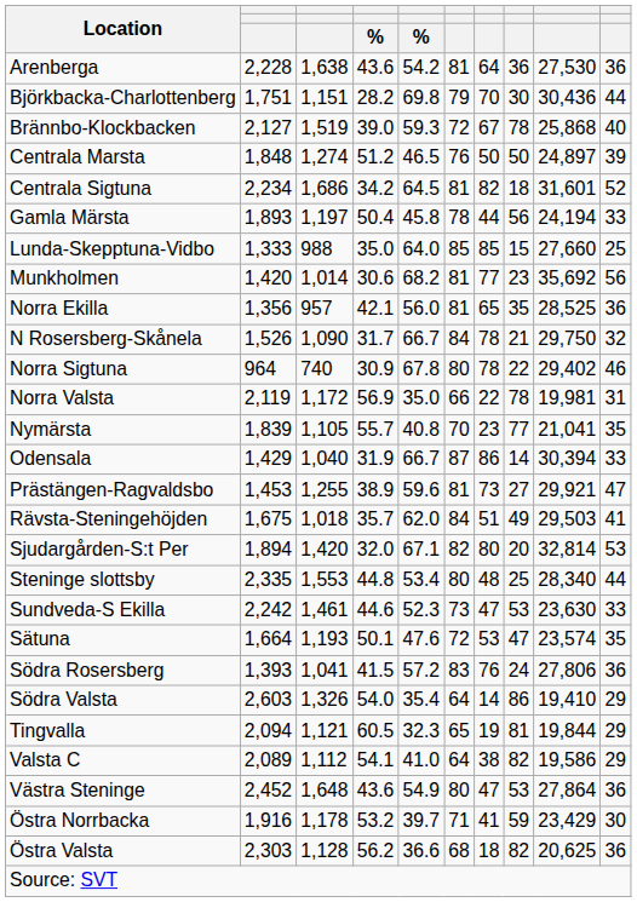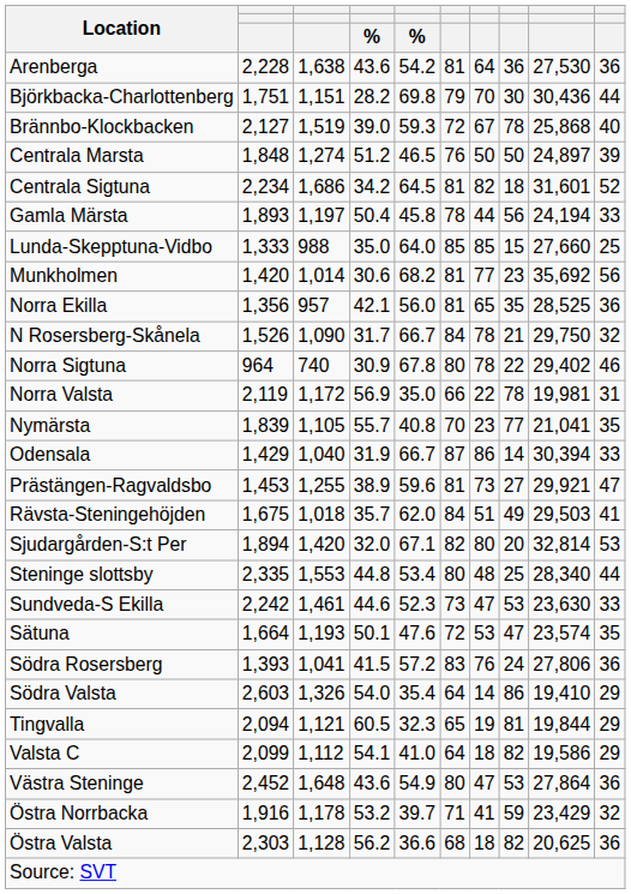 <table role="presentation" class="wikitable sortable mw-collapsible mw-collapsed">
 <tr>
 <th rowspan="3">Location</th>
 <th></th>
 <th></th>
 <th></th>
 <th></th>
 <th></th>
 <th></th>
 <th></th>
 <th></th>
 <th></th>
 </tr>
 <tr>
 <th></th>
 <th></th>
 <th style="background:"></th>
 <th style="background:"></th>
 <th></th>
 <th></th>
 <th></th>
 <th></th>
 <th></th>
 </tr>
 <tr>
 <th data-sort-type="number"></th>
 <th data-sort-type="number"></th>
 <th data-sort-type="number">%</th>
 <th data-sort-type="number">%</th>
 <th data-sort-type="number"></th>
 <th data-sort-type="number"></th>
 <th data-sort-type="number"></th>
 <th data-sort-type="number"></th>
 <th data-sort-type="number"></th>
 </tr>
 <tr>
 <td align="left">Arenberga</td>
 <td>2,228</td>
 <td>1,638</td>
 <td>43.6</td>
 <td>54.2</td>
 <td>81</td>
 <td>64</td>
 <td>36</td>
 <td>27,530</td>
 <td>36</td>
 </tr>
 <tr>
 <td align="left">Björkbacka-Charlottenberg</td>
 <td>1,751</td>
 <td>1,151</td>
 <td>28.2</td>
 <td>69.8</td>
 <td>79</td>
 <td>70</td>
 <td>30</td>
 <td>30,436</td>
 <td>44</td>
 </tr>
 <tr>
 <td align="left">Brännbo-Klockbacken</td>
 <td>2,127</td>
 <td>1,519</td>
 <td>39.0</td>
 <td>59.3</td>
 <td>72</td>
 <td>67</td>
 <td>78</td>
 <td>25,868</td>
 <td>40</td>
 </tr>
 <tr>
 <td align="left">Centrala Marsta</td>
 <td>1,848</td>
 <td>1,274</td>
 <td>51.2</td>
 <td>46.5</td>
 <td>76</td>
 <td>50</td>
 <td>50</td>
 <td>24,897</td>
 <td>39</td>
 </tr>
 <tr>
 <td align="left">Centrala Sigtuna</td>
 <td>2,234</td>
 <td>1,686</td>
 <td>34.2</td>
 <td>64.5</td>
 <td>81</td>
 <td>82</td>
 <td>18</td>
 <td>31,601</td>
 <td>52</td>
 </tr>
 <tr>
 <td align="left">Gamla Märsta</td>
 <td>1,893</td>
 <td>1,197</td>
 <td>50.4</td>
 <td>45.8</td>
 <td>78</td>
 <td>44</td>
 <td>56</td>
 <td>24,194</td>
 <td>33</td>
 </tr>
 <tr>
 <td align="left">Lunda-Skepptuna-Vidbo</td>
 <td>1,333</td>
 <td>988</td>
 <td>35.0</td>
 <td>64.0</td>
 <td>85</td>
 <td>85</td>
 <td>15</td>
 <td>27,660</td>
 <td>25</td>
 </tr>
 <tr>
 <td align="left">Munkholmen</td>
 <td>1,420</td>
 <td>1,014</td>
 <td>30.6</td>
 <td>68.2</td>
 <td>81</td>
 <td>77</td>
 <td>23</td>
 <td>35,692</td>
 <td>56</td>
 </tr>
 <tr>
 <td align="left">Norra Ekilla</td>
 <td>1,356</td>
 <td>957</td>
 <td>42.1</td>
 <td>56.0</td>
 <td>81</td>
 <td>65</td>
 <td>35</td>
 <td>28,525</td>
 <td>36</td>
 </tr>
 <tr>
 <td align="left">N Rosersberg-Skånela</td>
 <td>1,526</td>
 <td>1,090</td>
 <td>31.7</td>
 <td>66.7</td>
 <td>84</td>
 <td>78</td>
 <td>21</td>
 <td>29,750</td>
 <td>32</td>
 </tr>
 <tr>
 <td align="left">Norra Sigtuna</td>
 <td>964</td>
 <td>740</td>
 <td>30.9</td>
 <td>67.8</td>
 <td>80</td>
 <td>78</td>
 <td>22</td>
 <td>29,402</td>
 <td>46</td>
 </tr>
 <tr>
 <td align="left">Norra Valsta</td>
 <td>2,119</td>
 <td>1,172</td>
 <td>56.9</td>
 <td>35.0</td>
 <td>66</td>
 <td>22</td>
 <td>78</td>
 <td>19,981</td>
 <td>31</td>
 </tr>
 <tr>
 <td align="left">Nymärsta</td>
 <td>1,839</td>
 <td>1,105</td>
 <td>55.7</td>
 <td>40.8</td>
 <td>70</td>
 <td>23</td>
 <td>77</td>
 <td>21,041</td>
 <td>35</td>
 </tr>
 <tr>
 <td align="left">Odensala</td>
 <td>1,429</td>
 <td>1,040</td>
 <td>31.9</td>
 <td>66.7</td>
 <td>87</td>
 <td>86</td>
 <td>14</td>
 <td>30,394</td>
 <td>33</td>
 </tr>
 <tr>
 <td align="left">Prästängen-Ragvaldsbo</td>
 <td>1,453</td>
 <td>1,255</td>
 <td>38.9</td>
 <td>59.6</td>
 <td>81</td>
 <td>73</td>
 <td>27</td>
 <td>29,921</td>
 <td>47</td>
 </tr>
 <tr>
 <td align="left">Rävsta-Steningehöjden</td>
 <td>1,675</td>
 <td>1,018</td>
 <td>35.7</td>
 <td>62.0</td>
 <td>84</td>
 <td>51</td>
 <td>49</td>
 <td>29,503</td>
 <td>41</td>
 </tr>
 <tr>
 <td align="left">Sjudargården-S:t Per</td>
 <td>1,894</td>
 <td>1,420</td>
 <td>32.0</td>
 <td>67.1</td>
 <td>82</td>
 <td>80</td>
 <td>20</td>
 <td>32,814</td>
 <td>53</td>
 </tr>
 <tr>
 <td align="left">Steninge slottsby</td>
 <td>2,335</td>
 <td>1,553</td>
 <td>44.8</td>
 <td>53.4</td>
 <td>80</td>
 <td>48</td>
 <td>25</td>
 <td>28,340</td>
 <td>44</td>
 </tr>
 <tr>
 <td align="left">Sundveda-S Ekilla</td>
 <td>2,242</td>
 <td>1,461</td>
 <td>44.6</td>
 <td>52.3</td>
 <td>73</td>
 <td>47</td>
 <td>53</td>
 <td>23,630</td>
 <td>33</td>
 </tr>
 <tr>
 <td align="left">Sätuna</td>
 <td>1,664</td>
 <td>1,193</td>
 <td>50.1</td>
 <td>47.6</td>
 <td>72</td>
 <td>53</td>
 <td>47</td>
 <td>23,574</td>
 <td>35</td>
 </tr>
 <tr>
 <td align="left">Södra Rosersberg</td>
 <td>1,393</td>
 <td>1,041</td>
 <td>41.5</td>
 <td>57.2</td>
 <td>83</td>
 <td>76</td>
 <td>24</td>
 <td>27,806</td>
 <td>36</td>
 </tr>
 <tr>
 <td align="left">Södra Valsta</td>
 <td>2,603</td>
 <td>1,326</td>
 <td>54.0</td>
 <td>35.4</td>
 <td>64</td>
 <td>14</td>
 <td>86</td>
 <td>19,410</td>
 <td>29</td>
 </tr>
 <tr>
 <td align="left">Tingvalla</td>
 <td>2,094</td>
 <td>1,121</td>
 <td>60.5</td>
 <td>32.3</td>
 <td>65</td>
 <td>19</td>
 <td>81</td>
 <td>19,844</td>
 <td>29</td>
 </tr>
 <tr>
 <td align="left">Valsta C</td>
-<td>2,089</td>
+<td>2,099</td>
 <td>1,112</td>
 <td>54.1</td>
 <td>41.0</td>
 <td>64</td>
-<td>38</td>
+<td>18</td>
 <td>82</td>
 <td>19,586</td>
 <td>29</td>
 </tr>
 <tr>
 <td align="left">Västra Steninge</td>
 <td>2,452</td>
 <td>1,648</td>
 <td>43.6</td>
 <td>54.9</td>
 <td>80</td>
 <td>47</td>
 <td>53</td>
 <td>27,864</td>
 <td>36</td>
 </tr>
 <tr>
 <td align="left">Östra Norrbacka</td>
 <td>1,916</td>
 <td>1,178</td>
 <td>53.2</td>
 <td>39.7</td>
 <td>71</td>
 <td>41</td>
 <td>59</td>
 <td>23,429</td>
-<td>30</td>
+<td>32</td>
 </tr>
 <tr>
 <td align="left">Östra Valsta</td>
 <td>2,303</td>
 <td>1,128</td>
 <td>56.2</td>
 <td>36.6</td>
 <td>68</td>
 <td>18</td>
 <td>82</td>
 <td>20,625</td>
 <td>36</td>
 </tr>
 <tr>
 <td colspan="10" align="left">Source: <a href='#'>SVT</a></td>
 </tr>
 </table>
